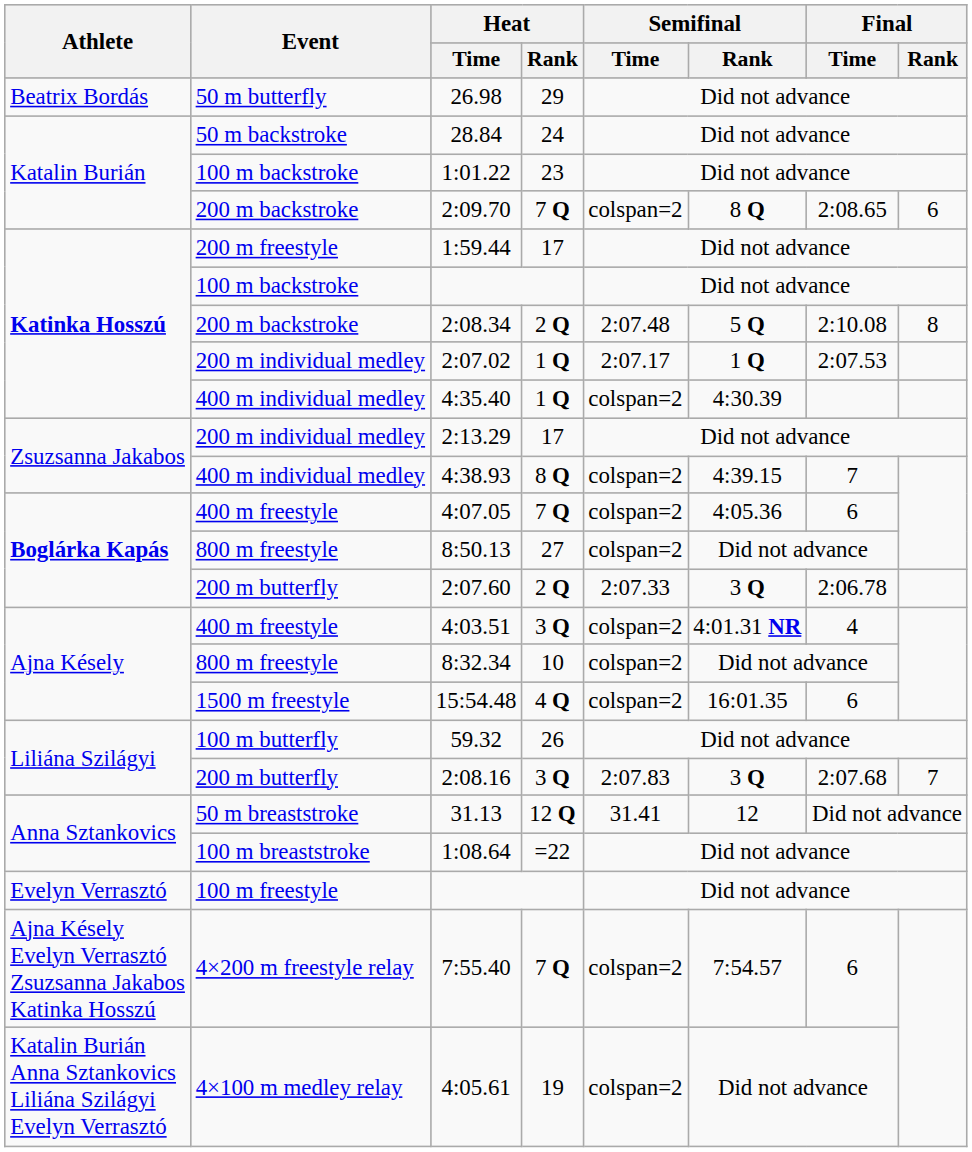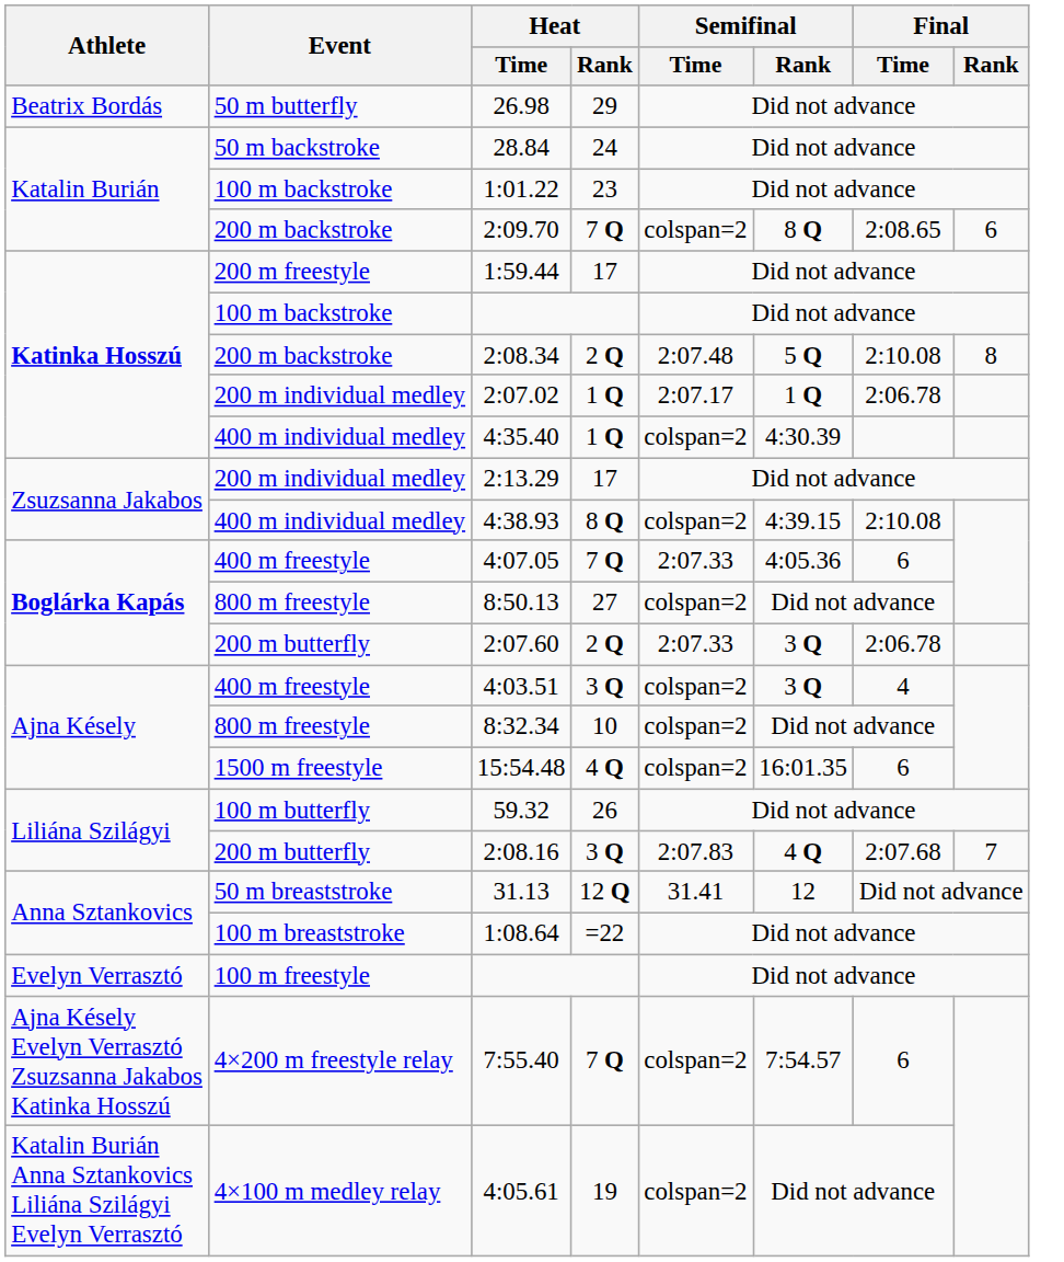 <table class="wikitable" style="text-align:center; font-size:90%">
 <tr>
 <th rowspan="2">Athlete</th>
 <th rowspan="2">Event</th>
 <th colspan="2">Heat</th>
 <th colspan="2">Semifinal</th>
 <th colspan="2">Final</th>
 </tr>
 <tr style="font-size:95%">
 <th>Time</th>
 <th>Rank</th>
 <th>Time</th>
 <th>Rank</th>
 <th>Time</th>
 <th>Rank</th>
 </tr>
 <tr>
 <td align=left><a href='#'>Beatrix Bordás</a></td>
 <td align=left><a href='#'>50 m butterfly</a></td>
 <td>26.98</td>
 <td>29</td>
 <td colspan=4>Did not advance</td>
 </tr>
 <tr>
 <td align=left rowspan=3><a href='#'>Katalin Burián</a></td>
 <td align=left><a href='#'>50 m backstroke</a></td>
 <td>28.84</td>
 <td>24</td>
 <td colspan=4>Did not advance</td>
 </tr>
 <tr>
 <td align=left><a href='#'>100 m backstroke</a></td>
 <td>1:01.22</td>
 <td>23</td>
 <td colspan=4>Did not advance</td>
 </tr>
 <tr>
 <td align=left><a href='#'>200 m backstroke</a></td>
 <td>2:09.70</td>
 <td>7 <strong>Q</strong></td>
 <td>colspan=2 </td>
 <td>8 <strong>Q</strong></td>
 <td>2:08.65</td>
 <td>6</td>
 </tr>
 <tr>
 <td align=left rowspan=5><strong><a href='#'>Katinka Hosszú</a></strong></td>
 <td align=left><a href='#'>200 m freestyle</a></td>
 <td>1:59.44</td>
 <td>17</td>
 <td colspan=4>Did not advance</td>
 </tr>
 <tr>
 <td align=left><a href='#'>100 m backstroke</a></td>
 <td colspan=2></td>
 <td colspan=4>Did not advance</td>
 </tr>
 <tr>
 <td align=left><a href='#'>200 m backstroke</a></td>
 <td>2:08.34</td>
 <td>2 <strong>Q</strong></td>
 <td>2:07.48</td>
 <td>5 <strong>Q</strong></td>
 <td>2:10.08</td>
 <td>8</td>
 </tr>
 <tr>
 <td align=left><a href='#'>200 m individual medley</a></td>
 <td>2:07.02</td>
 <td>1 <strong>Q</strong></td>
 <td>2:07.17</td>
 <td>1 <strong>Q</strong></td>
-<td>2:07.53</td>
+<td>2:06.78</td>
 <td></td>
 </tr>
 <tr>
 <td align=left><a href='#'>400 m individual medley</a></td>
 <td>4:35.40</td>
 <td>1 <strong>Q</strong></td>
 <td>colspan=2 </td>
 <td>4:30.39</td>
 <td></td>
 </tr>
 <tr>
 <td align=left rowspan=2><a href='#'>Zsuzsanna Jakabos</a></td>
 <td align=left><a href='#'>200 m individual medley</a></td>
 <td>2:13.29</td>
 <td>17</td>
 <td colspan=4>Did not advance</td>
 </tr>
 <tr>
 <td align=left><a href='#'>400 m individual medley</a></td>
 <td>4:38.93</td>
 <td>8 <strong>Q</strong></td>
 <td>colspan=2 </td>
 <td>4:39.15</td>
-<td>7</td>
+<td>2:10.08</td>
 </tr>
 <tr>
 <td align=left rowspan=3><strong><a href='#'>Boglárka Kapás</a></strong></td>
 <td align=left><a href='#'>400 m freestyle</a></td>
 <td>4:07.05</td>
 <td>7 <strong>Q</strong></td>
-<td>colspan=2 </td>
+<td>2:07.33</td>
 <td>4:05.36</td>
 <td>6</td>
 </tr>
 <tr>
 <td align=left><a href='#'>800 m freestyle</a></td>
 <td>8:50.13</td>
 <td>27</td>
 <td>colspan=2 </td>
 <td colspan=2>Did not advance</td>
 </tr>
 <tr>
 <td align=left><a href='#'>200 m butterfly</a></td>
 <td>2:07.60</td>
 <td>2 <strong>Q</strong></td>
 <td>2:07.33</td>
 <td>3 <strong>Q</strong></td>
 <td>2:06.78</td>
 <td></td>
 </tr>
 <tr>
 <td align=left rowspan=3><a href='#'>Ajna Késely</a></td>
 <td align=left><a href='#'>400 m freestyle</a></td>
 <td>4:03.51</td>
 <td>3 <strong>Q</strong></td>
 <td>colspan=2 </td>
-<td>4:01.31 <strong><a href='#'>NR</a></strong></td>
+<td>3 <strong>Q</strong></td>
 <td>4</td>
 </tr>
 <tr>
 <td align=left><a href='#'>800 m freestyle</a></td>
 <td>8:32.34</td>
 <td>10</td>
 <td>colspan=2 </td>
 <td colspan=2>Did not advance</td>
 </tr>
 <tr>
 <td align=left><a href='#'>1500 m freestyle</a></td>
 <td>15:54.48</td>
 <td>4 <strong>Q</strong></td>
 <td>colspan=2 </td>
 <td>16:01.35</td>
 <td>6</td>
 </tr>
 <tr>
 <td align=left rowspan=2><a href='#'>Liliána Szilágyi</a></td>
 <td align=left><a href='#'>100 m butterfly</a></td>
 <td>59.32</td>
 <td>26</td>
 <td colspan=4>Did not advance</td>
 </tr>
 <tr>
 <td align=left><a href='#'>200 m butterfly</a></td>
 <td>2:08.16</td>
 <td>3 <strong>Q</strong></td>
 <td>2:07.83</td>
-<td>3 <strong>Q</strong></td>
+<td>4 <strong>Q</strong></td>
 <td>2:07.68</td>
 <td>7</td>
 </tr>
 <tr>
 <td align=left rowspan=2><a href='#'>Anna Sztankovics</a></td>
 <td align=left><a href='#'>50 m breaststroke</a></td>
 <td>31.13</td>
 <td>12 <strong>Q</strong></td>
 <td>31.41</td>
 <td>12</td>
 <td colspan=2>Did not advance</td>
 </tr>
 <tr>
 <td align=left><a href='#'>100 m breaststroke</a></td>
 <td>1:08.64</td>
 <td>=22</td>
 <td colspan=4>Did not advance</td>
 </tr>
 <tr>
 <td align=left><a href='#'>Evelyn Verrasztó</a></td>
 <td align=left><a href='#'>100 m freestyle</a></td>
 <td colspan=2></td>
 <td colspan=4>Did not advance</td>
 </tr>
 <tr>
 <td align=left><a href='#'>Ajna Késely</a><br><a href='#'>Evelyn Verrasztó</a><br><a href='#'>Zsuzsanna Jakabos</a><br><a href='#'>Katinka Hosszú</a></td>
 <td align=left><a href='#'>4×200 m freestyle relay</a></td>
 <td>7:55.40</td>
 <td>7 <strong>Q</strong></td>
 <td>colspan=2 </td>
 <td>7:54.57</td>
 <td>6</td>
 </tr>
 <tr>
 <td align=left><a href='#'>Katalin Burián</a><br><a href='#'>Anna Sztankovics</a><br><a href='#'>Liliána Szilágyi</a><br><a href='#'>Evelyn Verrasztó</a></td>
 <td align=left><a href='#'>4×100 m medley relay</a></td>
 <td>4:05.61</td>
 <td>19</td>
 <td>colspan=2 </td>
 <td colspan=2>Did not advance</td>
 </tr>
 </table>
